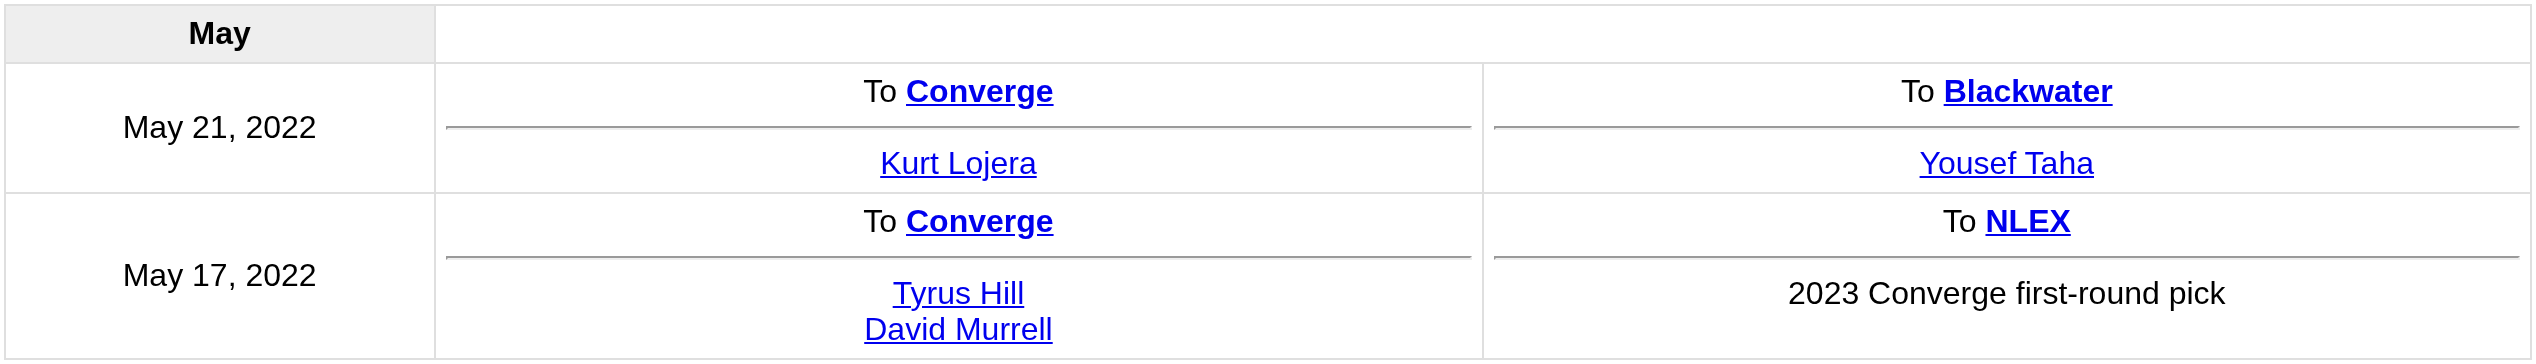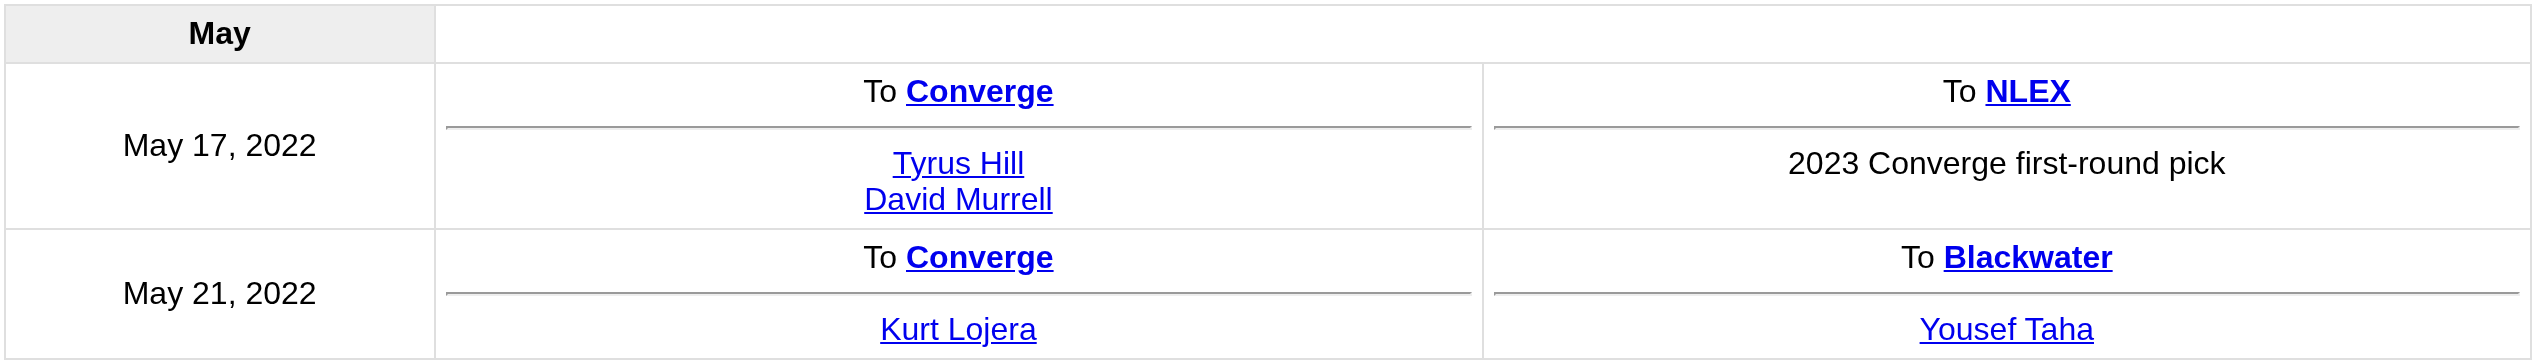 <table border=1 style="border-collapse:collapse; text-align: center; width: 100%" bordercolor="#DFDFDF"  cellpadding="5">
 <tr bgcolor="eeeeee">
 <th>May</th>
+</tr>
+<tr>
+<td style="width:12%">May 17, 2022</td>
+<td style="width:29.3%" valign="top">To <strong><a href='#'>Converge</a></strong><hr><a href='#'>Tyrus Hill</a><br><a href='#'>David Murrell</a></td>
+<td style="width:29.3%" valign="top">To <strong><a href='#'>NLEX</a></strong><hr>2023 Converge first-round pick</td>
 </tr>
 <tr>
 <td style="width:12%">May 21, 2022</td>
 <td style="width:29.3%" valign="top">To <strong><a href='#'>Converge</a></strong><hr><a href='#'>Kurt Lojera</a></td>
 <td style="width:29.3%" valign="top">To <strong><a href='#'>Blackwater</a></strong><hr><a href='#'>Yousef Taha</a></td>
 </tr>
-<tr>
-<td style="width:12%">May 17, 2022</td>
-<td style="width:29.3%" valign="top">To <strong><a href='#'>Converge</a></strong><hr><a href='#'>Tyrus Hill</a><br><a href='#'>David Murrell</a></td>
-<td style="width:29.3%" valign="top">To <strong><a href='#'>NLEX</a></strong><hr>2023 Converge first-round pick</td>
-</tr>
 </table>
